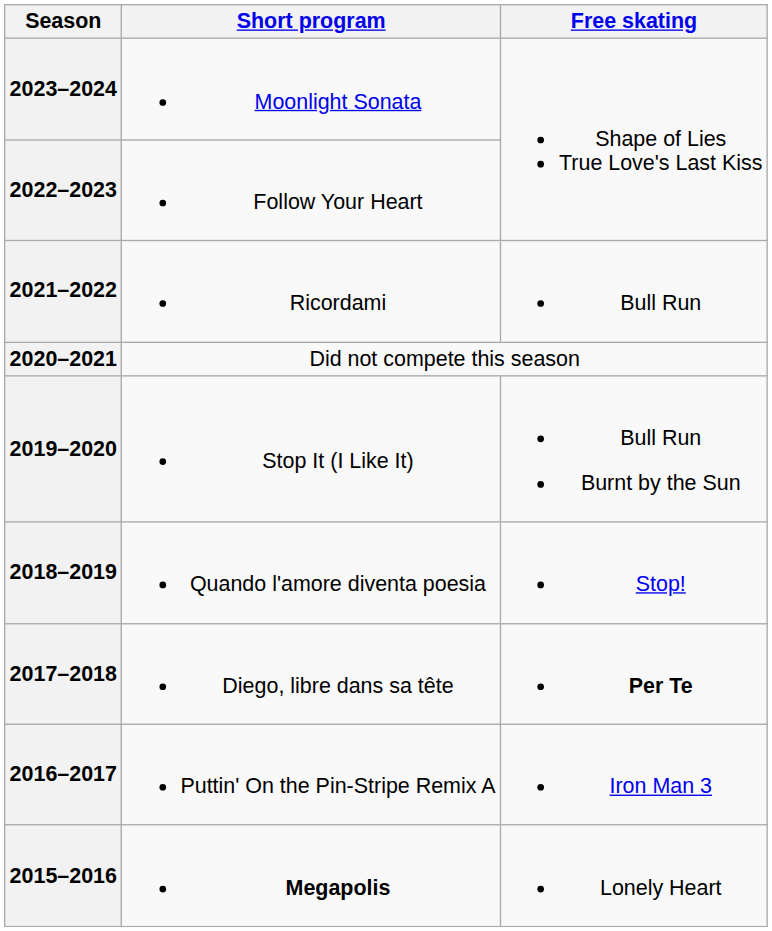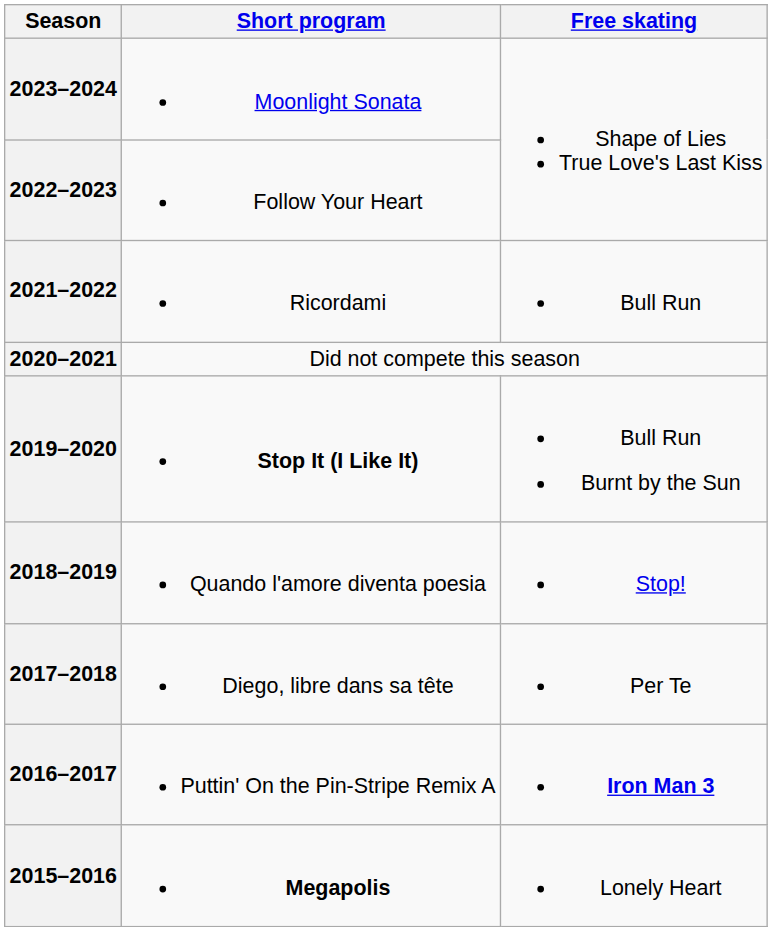 <table class=wikitable style=text-align:center>
 <tr>
 <th>Season</th>
 <th><a href='#'>Short program</a></th>
 <th><a href='#'>Free skating</a></th>
 </tr>
 <tr>
 <th>2023–2024 <br> </th>
 <td><br><ul><li><a href='#'>Moonlight Sonata</a> <br></li></ul></td>
 <td rowspan=2><br><ul><li>Shape of Lies</li><li>True Love's Last Kiss <br></li></ul></td>
 </tr>
 <tr>
 <th>2022–2023 <br> </th>
 <td><br><ul><li>Follow Your Heart <br></li></ul></td>
 </tr>
 <tr>
 <th>2021–2022 <br> </th>
 <td><br><ul><li>Ricordami  <br></li></ul></td>
 <td><br><ul><li>Bull Run <br></li></ul></td>
 </tr>
 <tr>
 <th scope="row">2020–2021</th>
 <td colspan=2>Did not compete this season</td>
 </tr>
 <tr>
 <th>2019–2020 <br> </th>
-<td><br><ul><li>Stop It (I Like It)  <br></li></ul></td>
+<td><strong><br><ul><li>Stop It (I Like It)  <br></li></ul></strong></td>
 <td><br><ul><li>Bull Run <br></li></ul><ul><li>Burnt by the Sun <br></li></ul></td>
 </tr>
 <tr>
 <th>2018–2019 <br> </th>
 <td><br><ul><li>Quando l'amore diventa poesia <br></li></ul></td>
 <td><br><ul><li><a href='#'>Stop!</a> <br></li></ul></td>
 </tr>
 <tr>
 <th>2017–2018 <br> </th>
 <td><br><ul><li>Diego, libre dans sa tête <br></li></ul></td>
-<td><strong><br><ul><li>Per Te <br></li></ul></strong></td>
+<td><br><ul><li>Per Te <br></li></ul></td>
 </tr>
 <tr>
 <th>2016–2017 <br> </th>
 <td><br><ul><li>Puttin' On the Pin-Stripe Remix A <br></li></ul></td>
-<td><br><ul><li><a href='#'>Iron Man 3</a> <br></li></ul></td>
+<td><strong><br><ul><li><a href='#'>Iron Man 3</a> <br></li></ul></strong></td>
 </tr>
 <tr>
 <th>2015–2016 <br> </th>
 <td><strong><br><ul><li>Megapolis <br></li></ul></strong></td>
 <td><br><ul><li>Lonely Heart <br></li></ul></td>
 </tr>
 </table>
